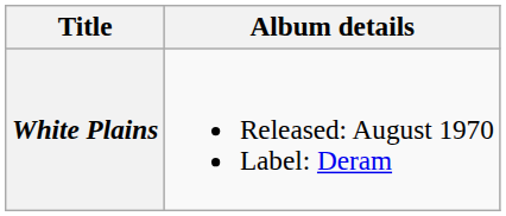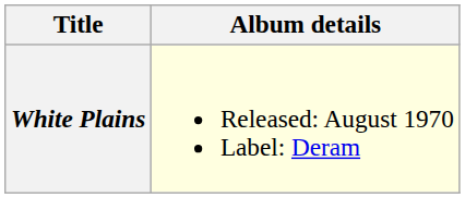 <table class="wikitable">
 <tr>
 <th>Title</th>
 <th>Album details</th>
 </tr>
 <tr>
 <th><em>White Plains</em></th>
-<td><br><ul><li>Released: August 1970</li><li>Label: <a href='#'>Deram</a></li></ul></td>
+<td style="background: lightyellow;"><br><ul><li>Released: August 1970</li><li>Label: <a href='#'>Deram</a></li></ul></td>
 </tr>
 </table>
